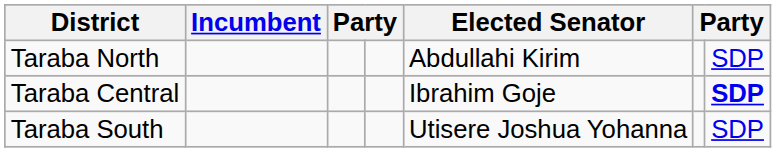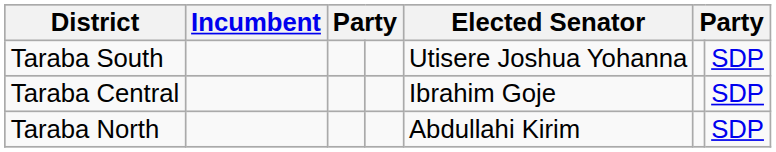 <table class="sortable wikitable" style="font-size:95%;line-height:14px;">
 <tr>
 <th class="unsortable">District</th>
 <th class="unsortable"><a href='#'>Incumbent</a></th>
 <th colspan="2">Party</th>
 <th class="unsortable">Elected Senator</th>
 <th colspan="2">Party</th>
+</tr>
+<tr>
+<td>Taraba South</td>
+<td></td>
+<td></td>
+<td></td>
+<td>Utisere Joshua Yohanna</td>
+<td style="background:"></td>
+<td><a href='#'>SDP</a></td>
+</tr>
+<tr>
+<td>Taraba Central</td>
+<td></td>
+<td></td>
+<td></td>
+<td>Ibrahim Goje</td>
+<td style="background:"></td>
+<td><a href='#'>SDP</a></td>
 </tr>
 <tr>
 <td>Taraba North</td>
 <td></td>
 <td></td>
 <td></td>
 <td>Abdullahi Kirim</td>
 <td style="background:"></td>
 <td><a href='#'>SDP</a></td>
 </tr>
-<tr>
-<td>Taraba Central</td>
-<td></td>
-<td></td>
-<td></td>
-<td>Ibrahim Goje</td>
-<td style="background:"></td>
-<td><strong><a href='#'>SDP</a></strong></td>
-</tr>
-<tr>
-<td>Taraba South</td>
-<td></td>
-<td></td>
-<td></td>
-<td>Utisere Joshua Yohanna</td>
-<td style="background:"></td>
-<td><a href='#'>SDP</a></td>
-</tr>
 </table>
